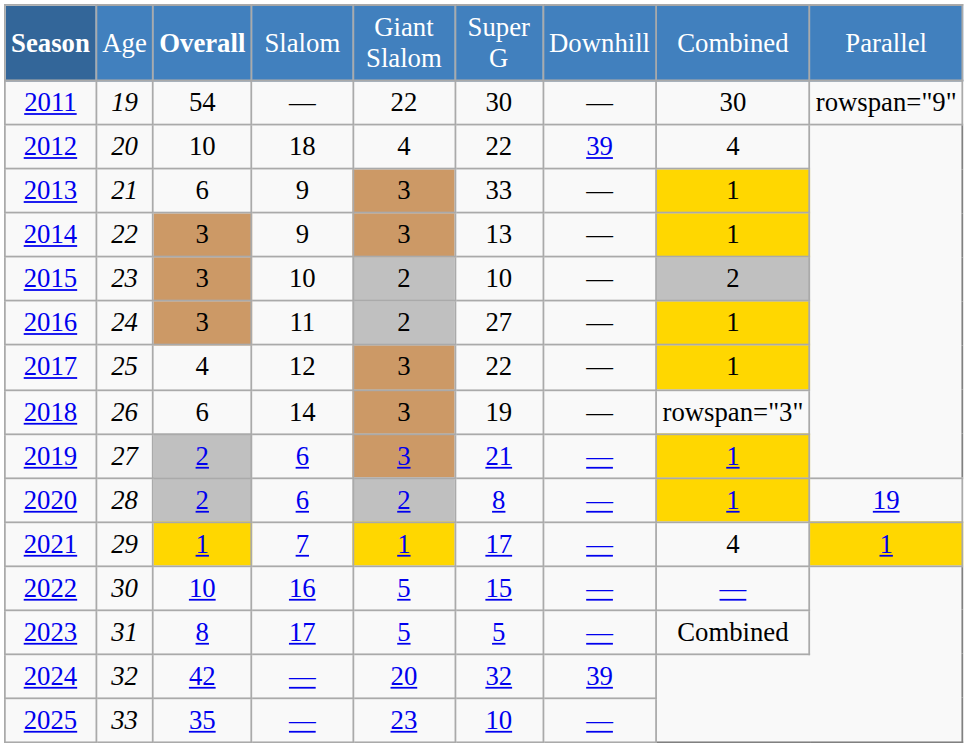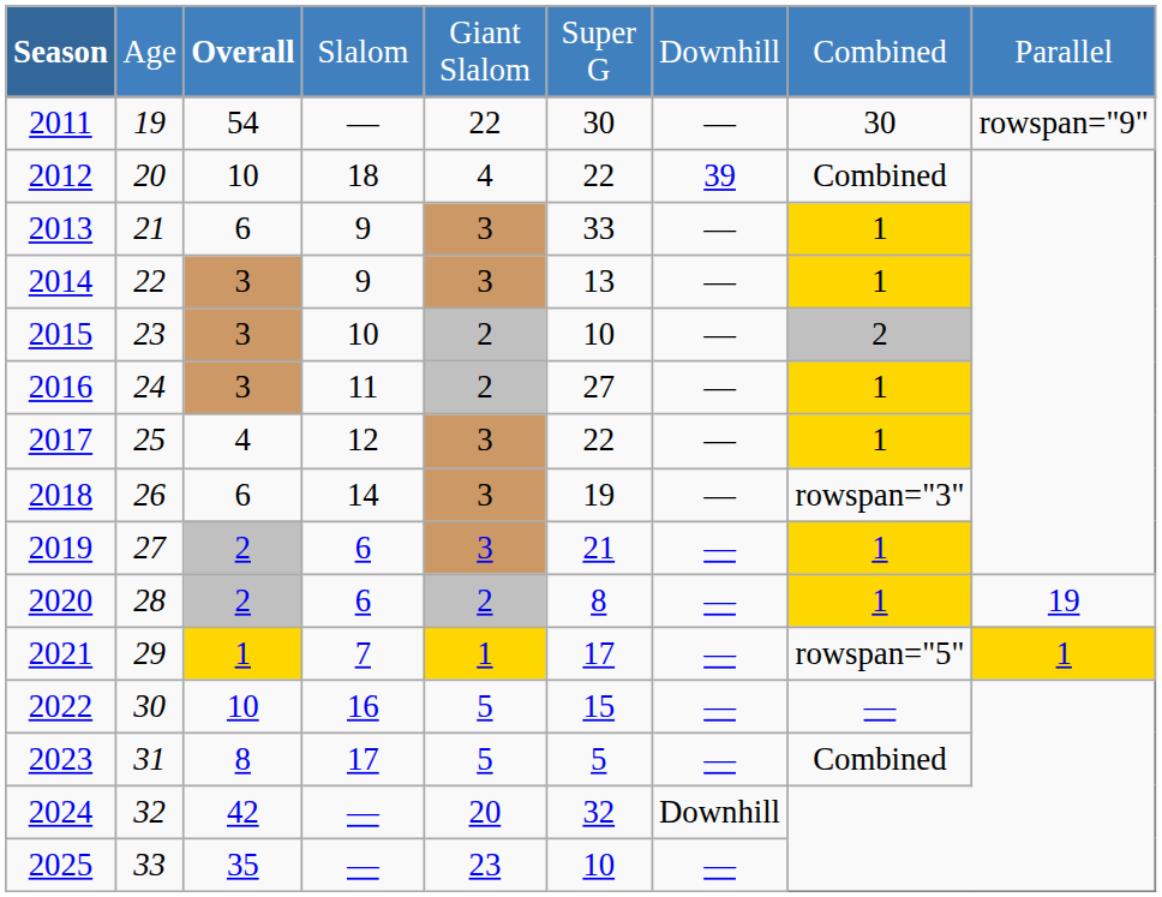 <table class="wikitable" style="font-size:95%; text-align:center; border:grey solid 1px; border-collapse:collapse;" width="40%">
 <tr style="background-color:#369; color:white;">
 <td rowspan="2" colspan="1" width="8%"><strong>Season</strong></td>
 </tr>
 <tr style="background-color:#4180be; color:white;">
 <td width="5%">Age</td>
 <td width="5%"><strong>Overall</strong></td>
 <td width="5%"> Slalom </td>
 <td width="5%">Giant<br> Slalom </td>
 <td width="5%"> Super  G</td>
 <td width="5%">Downhill</td>
 <td width="5%">Combined</td>
 <td width="5%">Parallel</td>
 </tr>
 <tr style="background-color:#8CB2D8; color:white;">
 </tr>
 <tr>
 <td><a href='#'>2011</a></td>
 <td><em>19</em></td>
 <td>54</td>
 <td>—</td>
 <td>22</td>
 <td>30</td>
 <td>—</td>
 <td>30</td>
 <td>rowspan="9" </td>
 </tr>
 <tr>
 <td><a href='#'>2012</a></td>
 <td><em>20</em></td>
 <td>10</td>
 <td>18</td>
 <td>4</td>
 <td>22</td>
 <td><a href='#'>39</a></td>
-<td>4</td>
+<td width="5%">Combined</td>
 </tr>
 <tr>
 <td><a href='#'>2013</a></td>
 <td><em>21</em></td>
 <td>6</td>
 <td>9</td>
 <td style="background:#c96;">3</td>
 <td>33</td>
 <td>—</td>
 <td style="background:gold;">1</td>
 </tr>
 <tr>
 <td><a href='#'>2014</a></td>
 <td><em>22</em></td>
 <td style="background:#c96;">3</td>
 <td>9</td>
 <td style="background:#c96;">3</td>
 <td>13</td>
 <td>—</td>
 <td style="background:gold;">1</td>
 </tr>
 <tr>
 <td><a href='#'>2015</a></td>
 <td><em>23</em></td>
 <td style="background:#c96;">3</td>
 <td>10</td>
 <td style="background:silver;">2</td>
 <td>10</td>
 <td>—</td>
 <td style="background:silver;">2</td>
 </tr>
 <tr>
 <td><a href='#'>2016</a></td>
 <td><em>24</em></td>
 <td style="background:#c96;">3</td>
 <td>11</td>
 <td style="background:silver;">2</td>
 <td>27</td>
 <td>—</td>
 <td style="background:gold;">1</td>
 </tr>
 <tr>
 <td><a href='#'>2017</a></td>
 <td><em>25</em></td>
 <td>4</td>
 <td>12</td>
 <td style="background:#c96;">3</td>
 <td>22</td>
 <td>—</td>
 <td style="background:gold;">1</td>
 </tr>
 <tr>
 <td><a href='#'>2018</a></td>
 <td><em>26</em></td>
 <td>6</td>
 <td>14</td>
 <td style="background:#c96;">3</td>
 <td>19</td>
 <td>—</td>
 <td>rowspan="3"</td>
 </tr>
 <tr>
 <td><a href='#'>2019</a></td>
 <td><em>27</em></td>
 <td style="background:silver;"><a href='#'>2</a></td>
 <td><a href='#'>6</a></td>
 <td style="background:#c96;"><a href='#'>3</a></td>
 <td><a href='#'>21</a></td>
 <td><a href='#'>—</a></td>
 <td style="background:gold;"><a href='#'>1</a></td>
 </tr>
 <tr>
 <td><a href='#'>2020</a></td>
 <td><em>28</em></td>
 <td style="background:silver;"><a href='#'>2</a></td>
 <td><a href='#'>6</a></td>
 <td style="background:silver;"><a href='#'>2</a></td>
 <td><a href='#'>8</a></td>
 <td><a href='#'>—</a></td>
 <td style="background:gold;"><a href='#'>1</a></td>
 <td><a href='#'>19</a></td>
 </tr>
 <tr>
 <td><a href='#'>2021</a></td>
 <td><em>29</em></td>
 <td style="background:gold;"><a href='#'>1</a></td>
 <td><a href='#'>7</a></td>
 <td style="background:gold;"><a href='#'>1</a></td>
 <td><a href='#'>17</a></td>
 <td><a href='#'>—</a></td>
-<td>4</td>
+<td>rowspan="5"</td>
 <td style="background:gold;"><a href='#'>1</a></td>
 </tr>
 <tr>
 <td><a href='#'>2022</a></td>
 <td><em>30</em></td>
 <td><a href='#'>10</a></td>
 <td><a href='#'>16</a></td>
 <td><a href='#'>5</a></td>
 <td><a href='#'>15</a></td>
 <td><a href='#'>—</a></td>
 <td><a href='#'>—</a></td>
 </tr>
 <tr>
 <td><a href='#'>2023</a></td>
 <td><em>31</em></td>
 <td><a href='#'>8</a></td>
 <td><a href='#'>17</a></td>
 <td><a href='#'>5</a></td>
 <td><a href='#'>5</a></td>
 <td><a href='#'>—</a></td>
 <td width="5%">Combined</td>
 </tr>
 <tr>
 <td><a href='#'>2024</a></td>
 <td><em>32</em></td>
 <td><a href='#'>42</a></td>
 <td><a href='#'>—</a></td>
 <td><a href='#'>20</a></td>
 <td><a href='#'>32</a></td>
-<td><a href='#'>39</a></td>
+<td width="5%">Downhill</td>
 </tr>
 <tr>
 <td><a href='#'>2025</a></td>
 <td><em>33</em></td>
 <td><a href='#'>35</a></td>
 <td><a href='#'>—</a></td>
 <td><a href='#'>23</a></td>
 <td><a href='#'>10</a></td>
 <td><a href='#'>—</a></td>
 </tr>
 </table>
